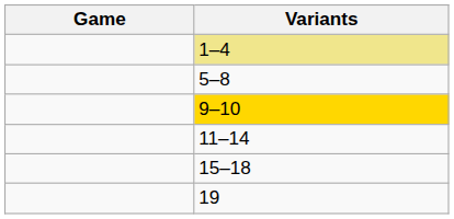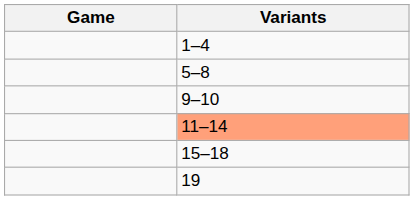 <table class="wikitable center" style="margin-top: 0; width:30%">
 <tr>
 <th align="left">Game</th>
 <th align="left">Variants</th>
 </tr>
 <tr>
 <td></td>
-<td style="background: khaki;">1–4</td>
+<td>1–4</td>
 </tr>
 <tr>
 <td></td>
 <td>5–8</td>
 </tr>
 <tr>
 <td></td>
-<td style="background: gold;">9–10</td>
+<td>9–10</td>
 </tr>
 <tr>
 <td></td>
-<td>11–14</td>
+<td style="background: lightsalmon;">11–14</td>
 </tr>
 <tr>
 <td></td>
 <td>15–18</td>
 </tr>
 <tr>
 <td></td>
 <td>19</td>
 </tr>
 </table>
